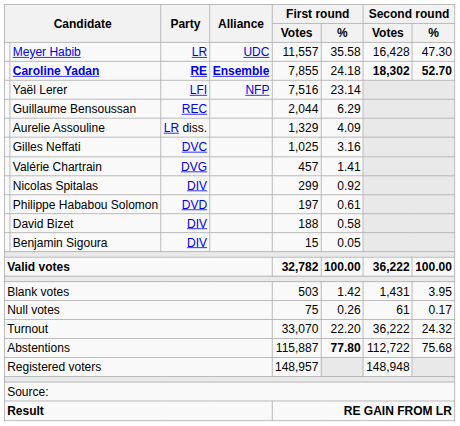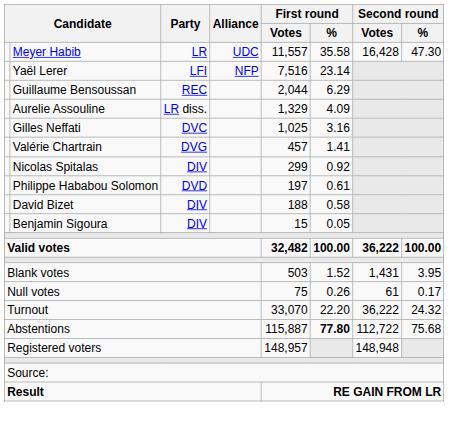 <table class="wikitable" style="text-align:right;font-size:95%;">
 <tr>
 <th colspan="2" rowspan="2">Candidate</th>
 <th colspan="1" rowspan="2">Party</th>
 <th colspan="1" rowspan="2">Alliance</th>
 <th colspan="2">First round</th>
 <th colspan="2">Second round</th>
 </tr>
 <tr>
 <th style="width:50px;">Votes</th>
 <th style="width:45px;">%</th>
 <th style="width:50px;">Votes</th>
 <th style="width:45px;">%</th>
 </tr>
 <tr>
 <td style="color:inherit;background:"></td>
 <td style="text-align:left;"><a href='#'>Meyer Habib</a></td>
 <td><a href='#'>LR</a></td>
 <td><a href='#'>UDC</a></td>
 <td>11,557</td>
 <td>35.58</td>
 <td>16,428</td>
 <td>47.30</td>
-</tr>
-<tr>
-<td style="color:inherit;background:"></td>
-<td style="text-align:left;"><strong><a href='#'>Caroline Yadan</a></strong></td>
-<td><a href='#'><strong>RE</strong></a></td>
-<td><a href='#'><strong>Ensemble</strong></a></td>
-<td>7,855</td>
-<td>24.18</td>
-<td><strong>18,302</strong></td>
-<td><strong>52.70</strong></td>
 </tr>
 <tr>
 <td style="color:inherit;background:"></td>
 <td style="text-align:left;">Yaël Lerer</td>
 <td><a href='#'>LFI</a></td>
 <td><a href='#'>NFP</a></td>
 <td>7,516</td>
 <td>23.14</td>
 <td colspan="2" rowspan="1" style="background:#E9E9E9;"></td>
 </tr>
 <tr>
 <td style="color:inherit;background:"></td>
 <td style="text-align:left;">Guillaume Bensoussan</td>
 <td><a href='#'>REC</a></td>
 <td></td>
 <td>2,044</td>
 <td>6.29</td>
 <td colspan="2" rowspan="1" style="background:#E9E9E9;"></td>
 </tr>
 <tr>
 <td style="color:inherit;background:"></td>
 <td style="text-align:left;">Aurelie Assouline</td>
 <td><a href='#'>LR</a> diss.</td>
 <td></td>
 <td>1,329</td>
 <td>4.09</td>
 <td colspan="2" rowspan="1" style="background:#E9E9E9;"></td>
 </tr>
 <tr>
 <td style="color:inherit;background:"></td>
 <td style="text-align:left;">Gilles Neffati</td>
 <td><a href='#'>DVC</a></td>
 <td></td>
 <td>1,025</td>
 <td>3.16</td>
 <td colspan="2" rowspan="1" style="background:#E9E9E9;"></td>
 </tr>
 <tr>
 <td style="color:inherit;background:"></td>
 <td style="text-align:left;">Valérie Chartrain</td>
 <td><a href='#'>DVG</a></td>
 <td></td>
 <td>457</td>
 <td>1.41</td>
 <td colspan="2" rowspan="1" style="background:#E9E9E9;"></td>
 </tr>
 <tr>
 <td style="color:inherit;background:"></td>
 <td style="text-align:left;">Nicolas Spitalas</td>
 <td><a href='#'>DIV</a></td>
 <td></td>
 <td>299</td>
 <td>0.92</td>
 <td colspan="2" rowspan="1" style="background:#E9E9E9;"></td>
 </tr>
 <tr>
 <td style="color:inherit;background:"></td>
 <td style="text-align:left;">Philippe Hababou Solomon</td>
 <td><a href='#'>DVD</a></td>
 <td></td>
 <td>197</td>
 <td>0.61</td>
 <td colspan="2" rowspan="1" style="background:#E9E9E9;"></td>
 </tr>
 <tr>
 <td style="color:inherit;background:"></td>
 <td style="text-align:left;">David Bizet</td>
 <td><a href='#'>DIV</a></td>
 <td></td>
 <td>188</td>
 <td>0.58</td>
 <td colspan="2" style="background:#E9E9E9;"></td>
 </tr>
 <tr>
 <td style="color:inherit;background:"></td>
 <td style="text-align:left;">Benjamin Sigoura</td>
 <td><a href='#'>DIV</a></td>
 <td></td>
 <td>15</td>
 <td>0.05</td>
 <td colspan="2" style="background:#E9E9E9;"></td>
 </tr>
 <tr>
 <td colspan="8" style="background:#E9E9E9;"></td>
 </tr>
 <tr style="font-weight:bold;">
 <td colspan="4" style="text-align:left;">Valid votes</td>
-<td>32,782</td>
+<td>32,482</td>
 <td>100.00</td>
 <td>36,222</td>
 <td>100.00</td>
 </tr>
 <tr>
 <td colspan="8" style="background:#E9E9E9;"></td>
 </tr>
 <tr>
 <td colspan="4" style="text-align:left;">Blank votes</td>
 <td>503</td>
-<td>1.42</td>
+<td>1.52</td>
 <td>1,431</td>
 <td>3.95</td>
 </tr>
 <tr>
 <td colspan="4" style="text-align:left;">Null votes</td>
 <td>75</td>
 <td>0.26</td>
 <td>61</td>
 <td>0.17</td>
 </tr>
 <tr>
 <td colspan="4" style="text-align:left;">Turnout</td>
 <td>33,070</td>
 <td>22.20</td>
 <td>36,222</td>
 <td>24.32</td>
 </tr>
 <tr>
 <td colspan="4" style="text-align:left;">Abstentions</td>
 <td>115,887</td>
 <td><strong>77.80</strong></td>
 <td>112,722</td>
 <td>75.68</td>
 </tr>
 <tr>
 <td colspan="4" style="text-align:left;">Registered voters</td>
 <td>148,957</td>
 <td style="background:#E9E9E9;"></td>
 <td>148,948</td>
 <td style="background:#E9E9E9;"></td>
 </tr>
 <tr>
 <td colspan="8" style="background:#E9E9E9;"></td>
 </tr>
 <tr>
 <td colspan="8" style="text-align:left;">Source: </td>
 </tr>
 <tr style="font-weight:bold">
 <td colspan="4" style="text-align:left;">Result</td>
 <td colspan="4" style="background-color:">RE GAIN FROM LR</td>
 </tr>
 </table>
